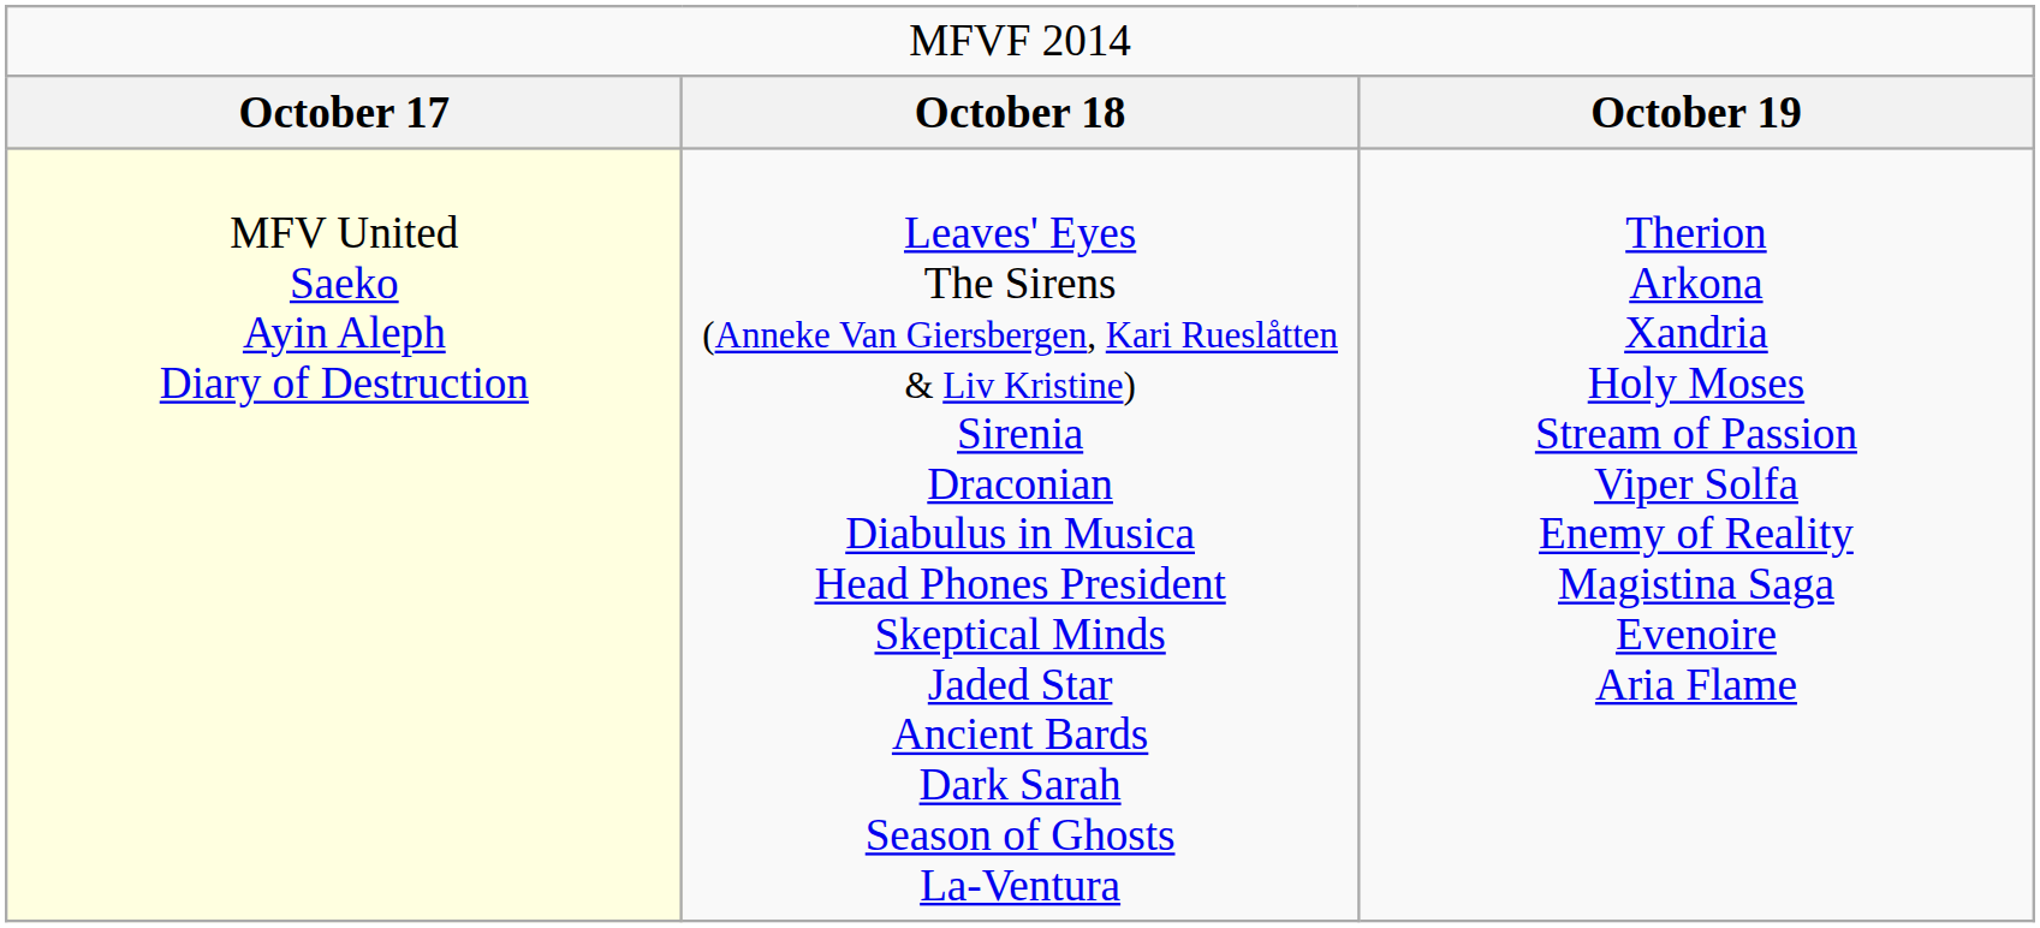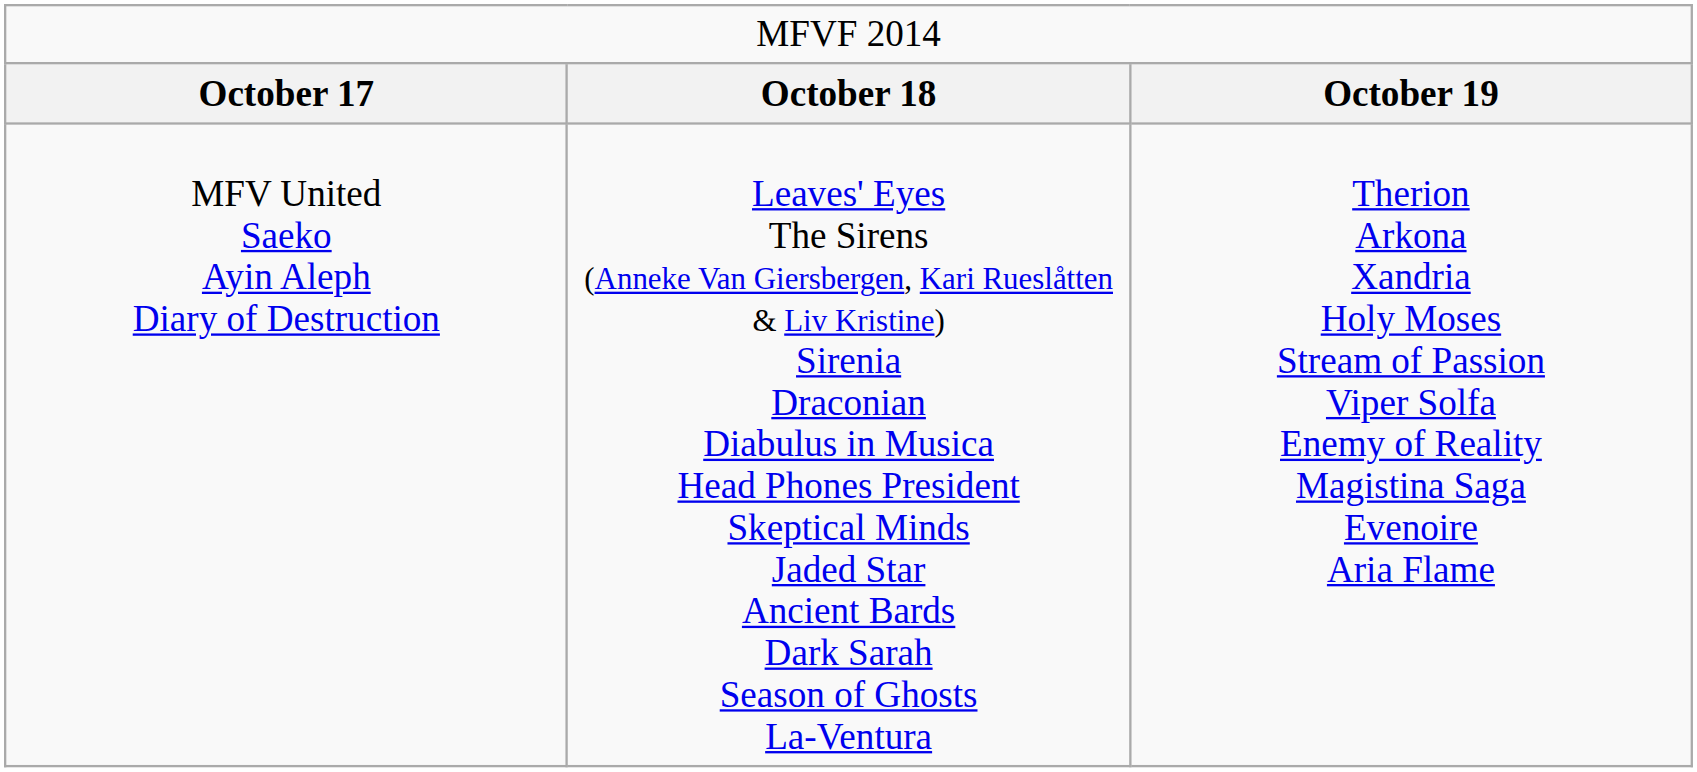 <table class="wikitable">
 <tr>
 <td colspan="3" align="center">MFVF 2014</td>
 </tr>
 <tr>
 <th>October 17</th>
 <th>October 18</th>
 <th>October 19</th>
 </tr>
 <tr>
-<td valign="top" align="center" width=235 style="background: lightyellow;"><br>MFV United<br> <a href='#'>Saeko</a> <br> <a href='#'>Ayin Aleph</a><br> <a href='#'>Diary of Destruction</a><br></td>
+<td valign="top" align="center" width=235><br>MFV United<br> <a href='#'>Saeko</a> <br> <a href='#'>Ayin Aleph</a><br> <a href='#'>Diary of Destruction</a><br></td>
 <td valign="top" align="center" width=235><br><a href='#'>Leaves' Eyes</a><br> The Sirens<br><small>(<a href='#'>Anneke Van Giersbergen</a>, <a href='#'>Kari Rueslåtten</a> & <a href='#'>Liv Kristine</a>)</small><br> <a href='#'>Sirenia</a><br> <a href='#'>Draconian</a><br> <a href='#'>Diabulus in Musica</a><br> <a href='#'>Head Phones President</a><br> <a href='#'>Skeptical Minds</a><br> <a href='#'>Jaded Star</a><br> <a href='#'>Ancient Bards</a><br> <a href='#'>Dark Sarah</a><br> <a href='#'>Season of Ghosts</a><br> <a href='#'>La-Ventura</a><br></td>
 <td valign="top" align="center" width=235><br><a href='#'>Therion</a><br> <a href='#'>Arkona</a><br> <a href='#'>Xandria</a><br> <a href='#'>Holy Moses</a><br> <a href='#'>Stream of Passion</a><br> <a href='#'>Viper Solfa</a><br> <a href='#'>Enemy of Reality</a><br> <a href='#'>Magistina Saga</a><br> <a href='#'>Evenoire</a><br> <a href='#'>Aria Flame</a><br></td>
 </tr>
 </table>
